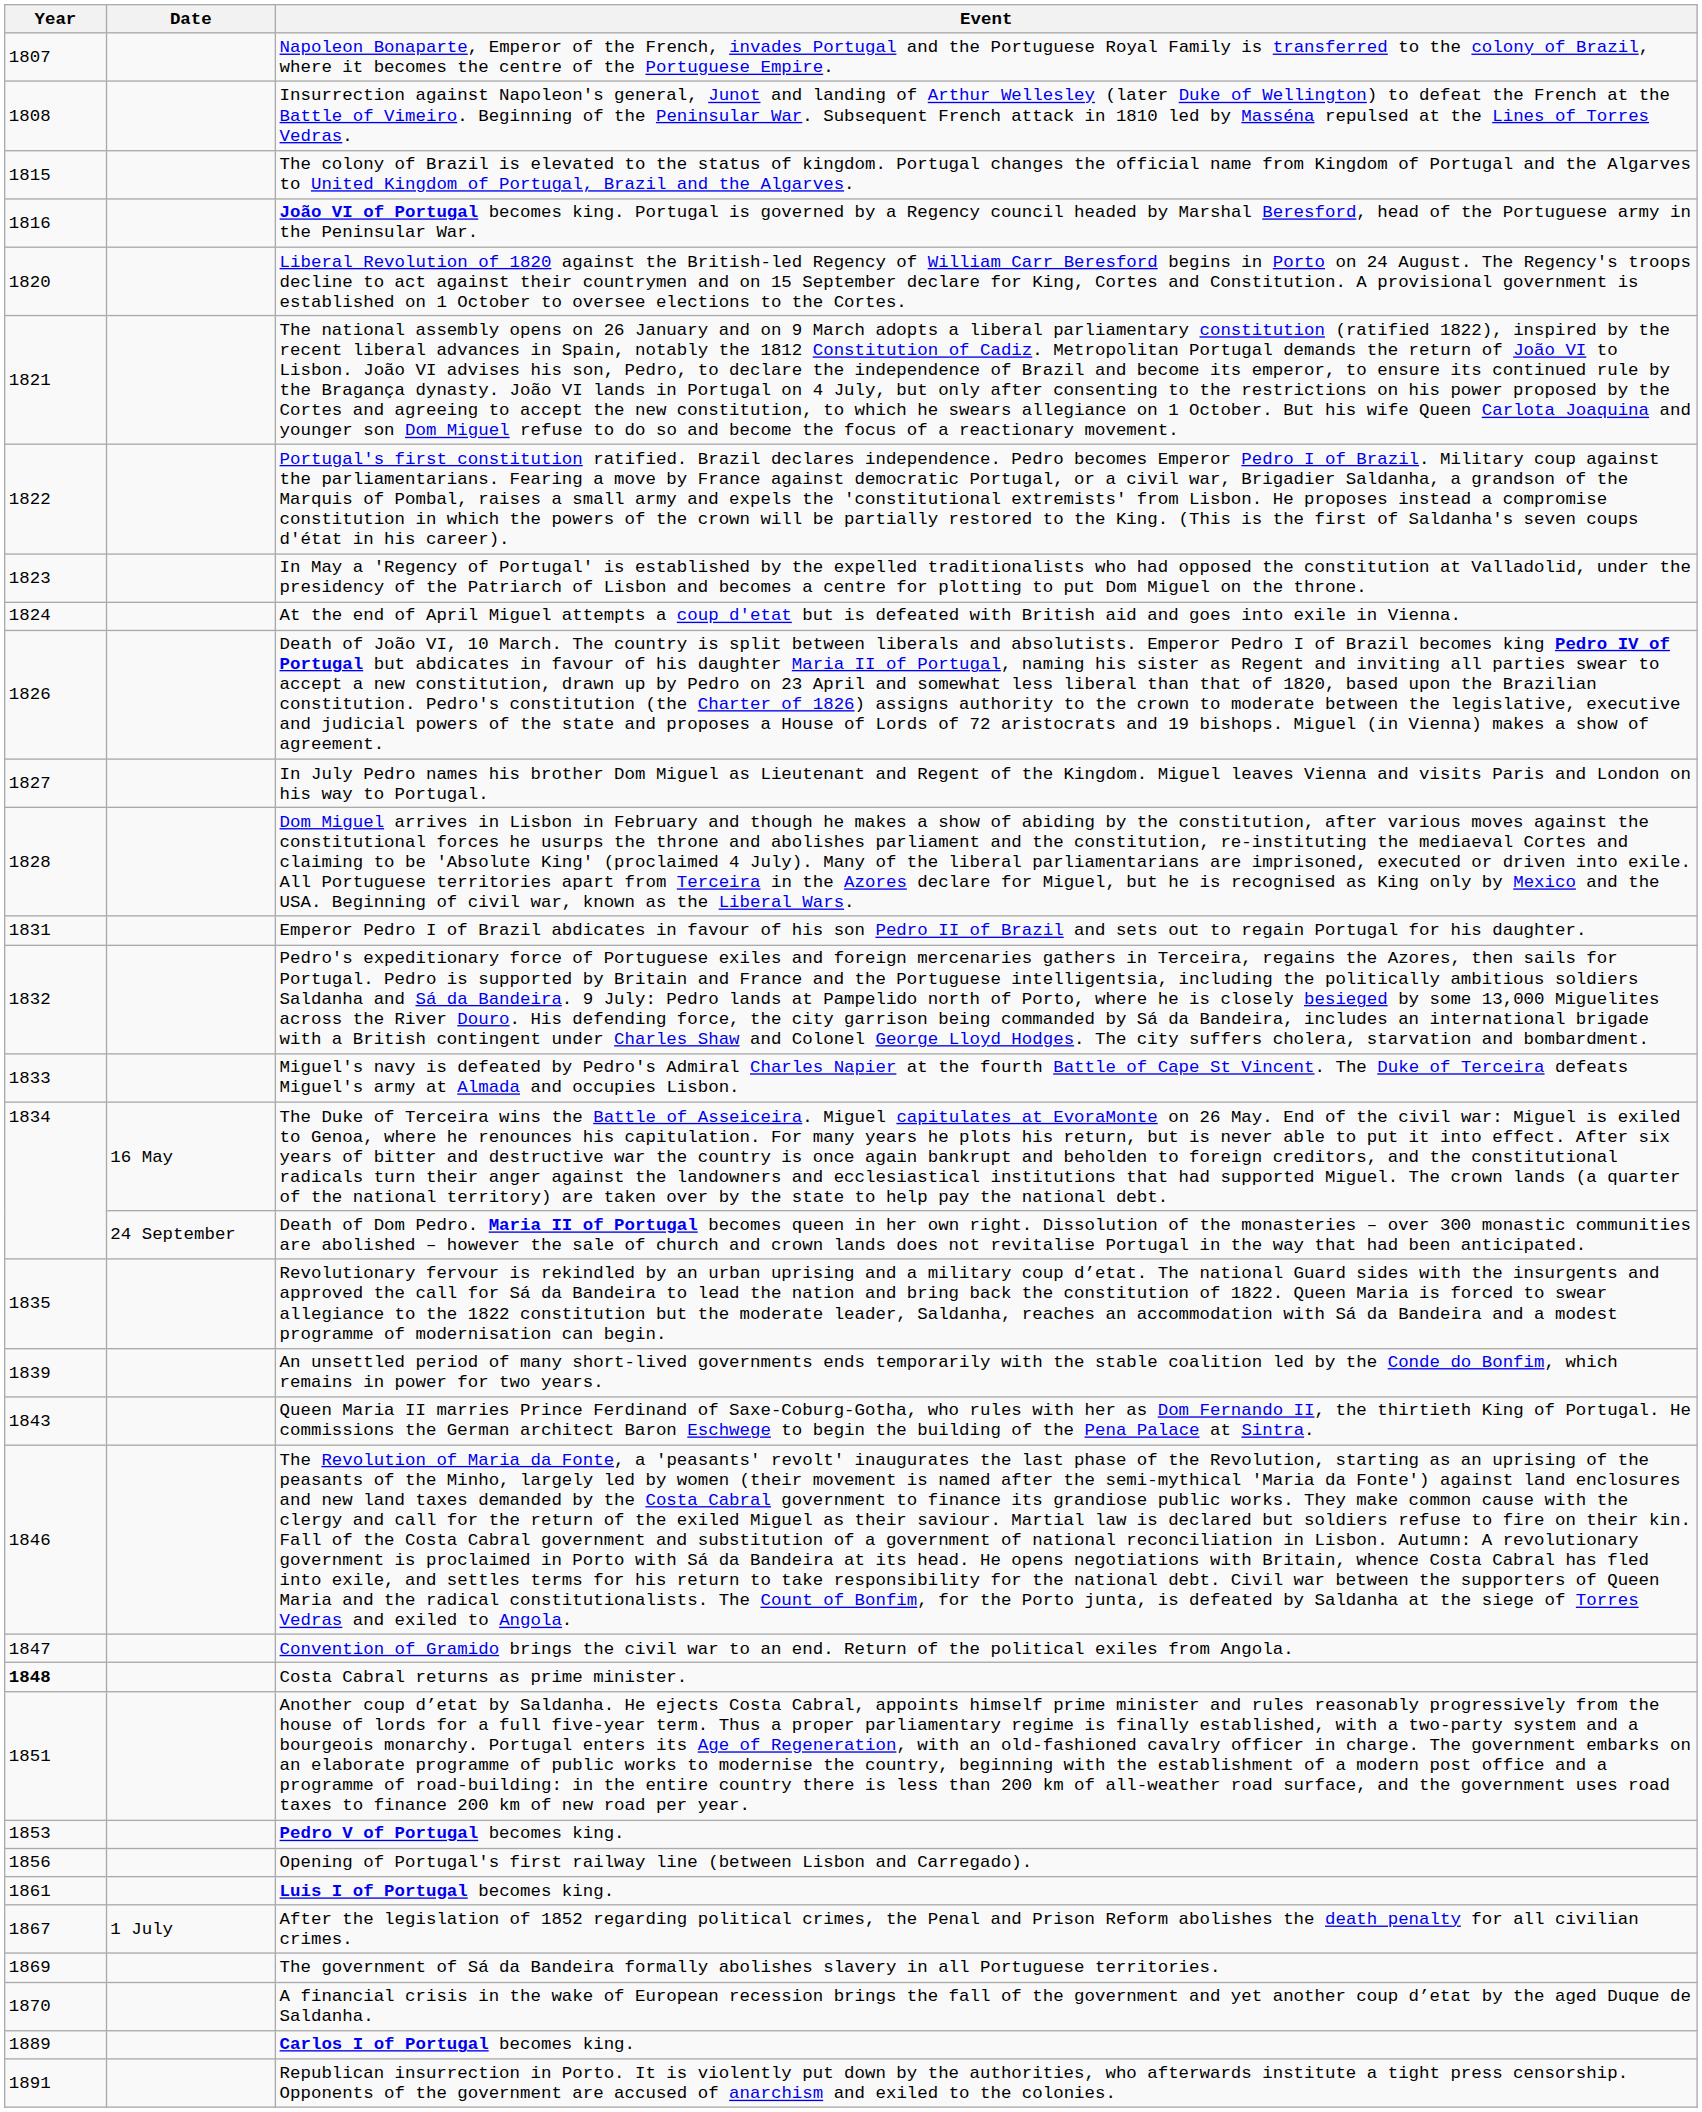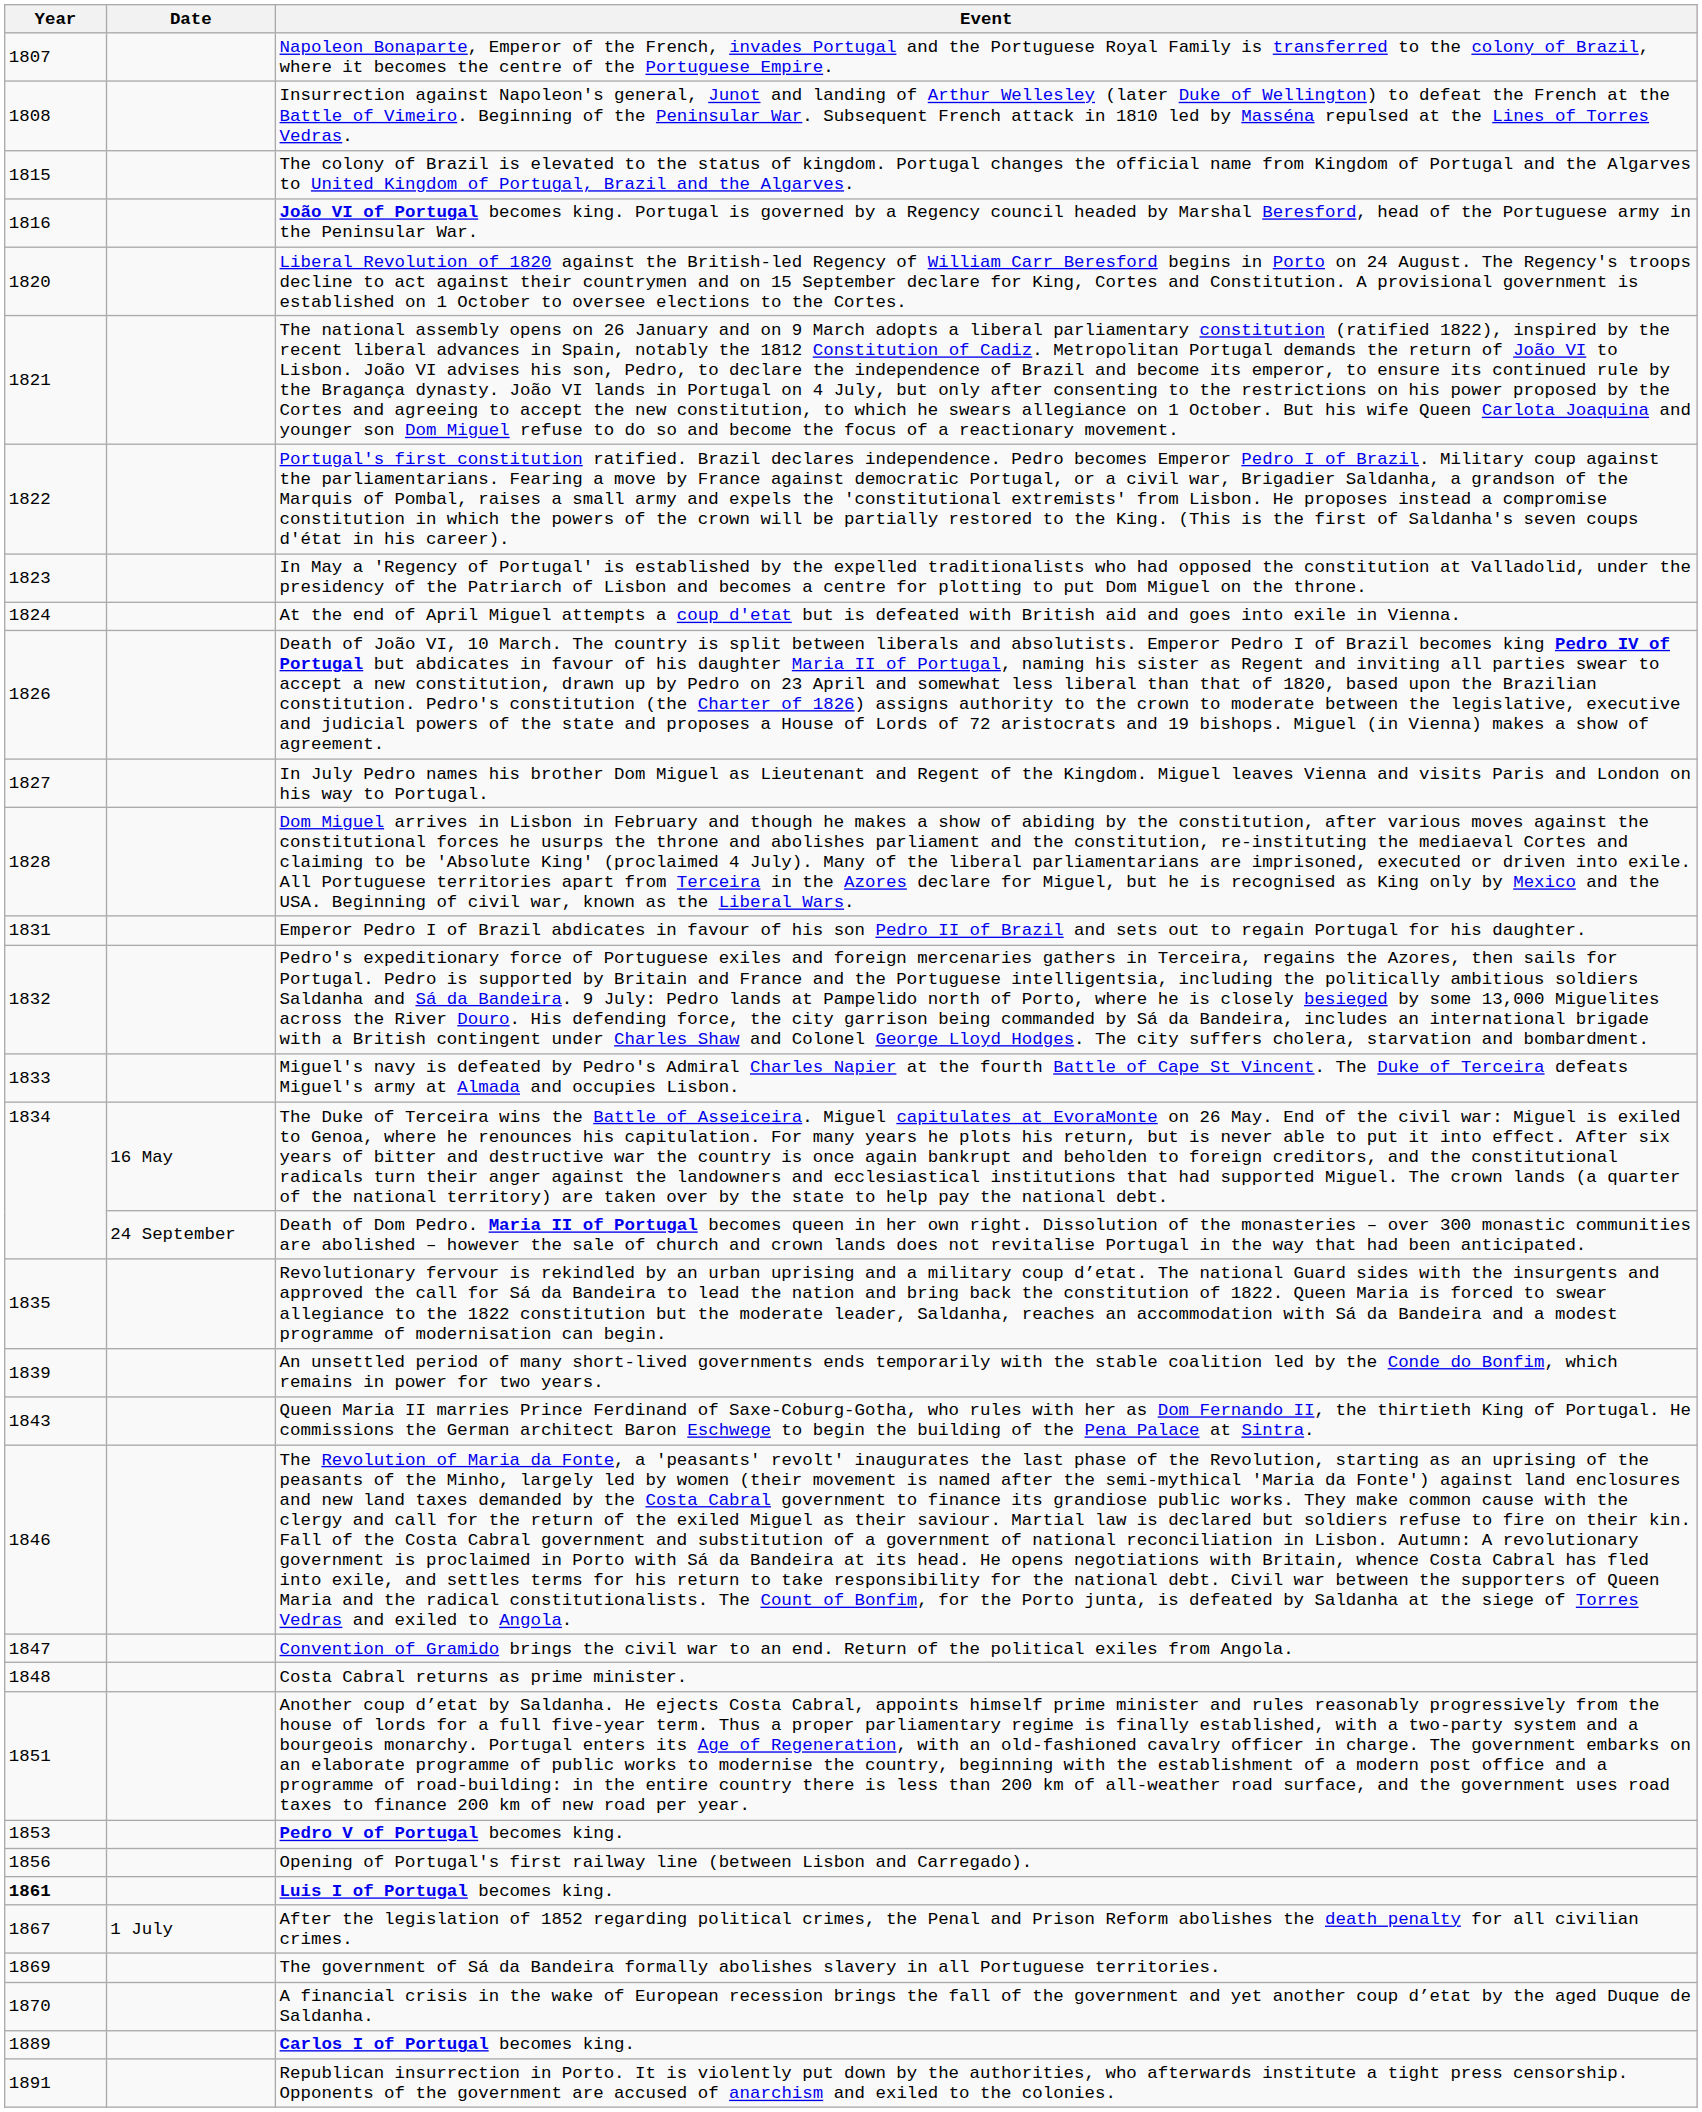 <table class="wikitable" width="100%">
 <tr>
 <th style="width:6%">Year</th>
 <th style="width:10%">Date</th>
 <th>Event</th>
 </tr>
 <tr>
 <td>1807</td>
 <td></td>
 <td><a href='#'>Napoleon Bonaparte</a>, Emperor of the French, <a href='#'>invades Portugal</a> and the Portuguese Royal Family is <a href='#'>transferred</a> to the <a href='#'>colony of Brazil</a>, where it becomes the centre of the <a href='#'>Portuguese Empire</a>.</td>
 </tr>
 <tr>
 <td>1808</td>
 <td></td>
 <td>Insurrection against Napoleon's general, <a href='#'>Junot</a> and landing of <a href='#'>Arthur Wellesley</a> (later <a href='#'>Duke of Wellington</a>) to defeat the French at the <a href='#'>Battle of Vimeiro</a>. Beginning of the <a href='#'>Peninsular War</a>. Subsequent French attack in 1810 led by <a href='#'>Masséna</a> repulsed at the <a href='#'>Lines of Torres Vedras</a>.</td>
 </tr>
 <tr>
 <td>1815</td>
 <td></td>
 <td>The colony of Brazil is elevated to the status of kingdom. Portugal changes the official name from Kingdom of Portugal and the Algarves to <a href='#'>United Kingdom of Portugal, Brazil and the Algarves</a>.</td>
 </tr>
 <tr>
 <td>1816</td>
 <td></td>
 <td><strong><a href='#'>João VI of Portugal</a></strong> becomes king. Portugal is governed by a Regency council headed by Marshal <a href='#'>Beresford</a>, head of the Portuguese army in the Peninsular War.</td>
 </tr>
 <tr>
 <td>1820</td>
 <td></td>
 <td><a href='#'>Liberal Revolution of 1820</a> against the British-led Regency of <a href='#'>William Carr Beresford</a> begins in <a href='#'>Porto</a> on 24 August. The Regency's troops decline to act against their countrymen and on 15 September declare for King, Cortes and Constitution. A provisional government is established on 1 October to oversee elections to the Cortes.</td>
 </tr>
 <tr>
 <td>1821</td>
 <td></td>
 <td>The national assembly opens on 26 January and on 9 March adopts a liberal parliamentary <a href='#'>constitution</a> (ratified 1822), inspired by the recent liberal advances in Spain, notably the 1812 <a href='#'>Constitution of Cadiz</a>. Metropolitan Portugal demands the return of <a href='#'>João VI</a> to Lisbon. João VI advises his son, Pedro, to declare the independence of Brazil and become its emperor, to ensure its continued rule by the Bragança dynasty. João VI lands in Portugal on 4 July, but only after consenting to the restrictions on his power proposed by the Cortes and agreeing to accept the new constitution, to which he swears allegiance on 1 October. But his wife Queen <a href='#'>Carlota Joaquina</a> and younger son <a href='#'>Dom Miguel</a> refuse to do so and become the focus of a reactionary movement.</td>
 </tr>
 <tr>
 <td>1822</td>
 <td></td>
 <td><a href='#'>Portugal's first constitution</a> ratified. Brazil declares independence. Pedro becomes Emperor <a href='#'>Pedro I of Brazil</a>. Military coup against the parliamentarians. Fearing a move by France against democratic Portugal, or a civil war, Brigadier Saldanha, a grandson of the Marquis of Pombal, raises a small army and expels the 'constitutional extremists' from Lisbon. He proposes instead a compromise constitution in which the powers of the crown will be partially restored to the King. (This is the first of Saldanha's seven coups d'état in his career).</td>
 </tr>
 <tr>
 <td>1823</td>
 <td></td>
 <td>In May a 'Regency of Portugal' is established by the expelled traditionalists who had opposed the constitution at Valladolid, under the presidency of the Patriarch of Lisbon and becomes a centre for plotting to put Dom Miguel on the throne.</td>
 </tr>
 <tr>
 <td>1824</td>
 <td></td>
 <td>At the end of April Miguel attempts a <a href='#'>coup d'etat</a> but is defeated with British aid and goes into exile in Vienna.</td>
 </tr>
 <tr>
 <td>1826</td>
 <td></td>
 <td>Death of João VI, 10 March. The country is split between liberals and absolutists. Emperor Pedro I of Brazil becomes king <strong><a href='#'>Pedro IV of Portugal</a></strong> but abdicates in favour of his daughter <a href='#'>Maria II of Portugal</a>, naming his sister as Regent and inviting all parties swear to accept a new constitution, drawn up by Pedro on 23 April and somewhat less liberal than that of 1820, based upon the Brazilian constitution. Pedro's constitution (the <a href='#'>Charter of 1826</a>) assigns authority to the crown to moderate between the legislative, executive and judicial powers of the state and proposes a House of Lords of 72 aristocrats and 19 bishops. Miguel (in Vienna) makes a show of agreement.</td>
 </tr>
 <tr>
 <td>1827</td>
 <td></td>
 <td>In July Pedro names his brother Dom Miguel as Lieutenant and Regent of the Kingdom. Miguel leaves Vienna and visits Paris and London on his way to Portugal.</td>
 </tr>
 <tr>
 <td>1828</td>
 <td></td>
 <td><a href='#'>Dom Miguel</a> arrives in Lisbon in February and though he makes a show of abiding by the constitution, after various moves against the constitutional forces he usurps the throne and abolishes parliament and the constitution, re-instituting the mediaeval Cortes and claiming to be 'Absolute King' (proclaimed 4 July). Many of the liberal parliamentarians are imprisoned, executed or driven into exile. All Portuguese territories apart from <a href='#'>Terceira</a> in the <a href='#'>Azores</a> declare for Miguel, but he is recognised as King only by <a href='#'>Mexico</a> and the USA. Beginning of civil war, known as the <a href='#'>Liberal Wars</a>.</td>
 </tr>
 <tr>
 <td>1831</td>
 <td></td>
 <td>Emperor Pedro I of Brazil abdicates in favour of his son <a href='#'>Pedro II of Brazil</a> and sets out to regain Portugal for his daughter.</td>
 </tr>
 <tr>
 <td>1832</td>
 <td></td>
 <td>Pedro's expeditionary force of Portuguese exiles and foreign mercenaries gathers in Terceira, regains the Azores, then sails for Portugal. Pedro is supported by Britain and France and the Portuguese intelligentsia, including the politically ambitious soldiers Saldanha and <a href='#'>Sá da Bandeira</a>. 9 July: Pedro lands at Pampelido north of Porto, where he is closely <a href='#'>besieged</a> by some 13,000 Miguelites across the River <a href='#'>Douro</a>. His defending force, the city garrison being commanded by Sá da Bandeira, includes an international brigade with a British contingent under <a href='#'>Charles Shaw</a> and Colonel <a href='#'>George Lloyd Hodges</a>. The city suffers cholera, starvation and bombardment.</td>
 </tr>
 <tr>
 <td>1833</td>
 <td></td>
 <td>Miguel's navy is defeated by Pedro's Admiral <a href='#'>Charles Napier</a> at the fourth <a href='#'>Battle of Cape St Vincent</a>. The <a href='#'>Duke of Terceira</a> defeats Miguel's army at <a href='#'>Almada</a> and occupies Lisbon.</td>
 </tr>
 <tr>
 <td rowspan="2" valign="top">1834</td>
 <td>16 May</td>
 <td>The Duke of Terceira wins the <a href='#'>Battle of Asseiceira</a>. Miguel <a href='#'>capitulates at EvoraMonte</a> on 26 May. End of the civil war: Miguel is exiled to Genoa, where he renounces his capitulation. For many years he plots his return, but is never able to put it into effect. After six years of bitter and destructive war the country is once again bankrupt and beholden to foreign creditors, and the constitutional radicals turn their anger against the landowners and ecclesiastical institutions that had supported Miguel. The crown lands (a quarter of the national territory) are taken over by the state to help pay the national debt.</td>
 </tr>
 <tr>
 <td>24 September</td>
 <td>Death of Dom Pedro. <strong><a href='#'>Maria II of Portugal</a></strong> becomes queen in her own right. Dissolution of the monasteries – over 300 monastic communities are abolished – however the sale of church and crown lands does not revitalise Portugal in the way that had been anticipated.</td>
 </tr>
 <tr>
 <td>1835</td>
 <td></td>
 <td>Revolutionary fervour is rekindled by an urban uprising and a military coup d’etat. The national Guard sides with the insurgents and approved the call for Sá da Bandeira to lead the nation and bring back the constitution of 1822. Queen Maria is forced to swear allegiance to the 1822 constitution but the moderate leader, Saldanha, reaches an accommodation with Sá da Bandeira and a modest programme of modernisation can begin.</td>
 </tr>
 <tr>
 <td>1839</td>
 <td></td>
 <td>An unsettled period of many short-lived governments ends temporarily with the stable coalition led by the <a href='#'>Conde do Bonfim</a>, which remains in power for two years.</td>
 </tr>
 <tr>
 <td>1843</td>
 <td></td>
 <td>Queen Maria II marries Prince Ferdinand of Saxe-Coburg-Gotha, who rules with her as <a href='#'>Dom Fernando II</a>, the thirtieth King of Portugal. He commissions the German architect Baron <a href='#'>Eschwege</a> to begin the building of the <a href='#'>Pena Palace</a> at <a href='#'>Sintra</a>.</td>
 </tr>
 <tr>
 <td>1846</td>
 <td></td>
 <td>The <a href='#'>Revolution of Maria da Fonte</a>, a 'peasants' revolt' inaugurates the last phase of the Revolution, starting as an uprising of the peasants of the Minho, largely led by women (their movement is named after the semi-mythical 'Maria da Fonte') against land enclosures and new land taxes demanded by the <a href='#'>Costa Cabral</a> government to finance its grandiose public works. They make common cause with the clergy and call for the return of the exiled Miguel as their saviour. Martial law is declared but soldiers refuse to fire on their kin. Fall of the Costa Cabral government and substitution of a government of national reconciliation in Lisbon. Autumn: A revolutionary government is proclaimed in Porto with Sá da Bandeira at its head. He opens negotiations with Britain, whence Costa Cabral has fled into exile, and settles terms for his return to take responsibility for the national debt. Civil war between the supporters of Queen Maria and the radical constitutionalists. The <a href='#'>Count of Bonfim</a>, for the Porto junta, is defeated by Saldanha at the siege of <a href='#'>Torres Vedras</a> and exiled to <a href='#'>Angola</a>.</td>
 </tr>
 <tr>
 <td>1847</td>
 <td></td>
 <td><a href='#'>Convention of Gramido</a> brings the civil war to an end. Return of the political exiles from Angola.</td>
 </tr>
 <tr>
-<td><strong>1848</strong></td>
+<td>1848</td>
 <td></td>
 <td>Costa Cabral returns as prime minister.</td>
 </tr>
 <tr>
 <td>1851</td>
 <td></td>
 <td>Another coup d’etat by Saldanha. He ejects Costa Cabral, appoints himself prime minister and rules reasonably progressively from the house of lords for a full five-year term. Thus a proper parliamentary regime is finally established, with a two-party system and a bourgeois monarchy. Portugal enters its <a href='#'>Age of Regeneration</a>, with an old-fashioned cavalry officer in charge. The government embarks on an elaborate programme of public works to modernise the country, beginning with the establishment of a modern post office and a programme of road-building: in the entire country there is less than 200 km of all-weather road surface, and the government uses road taxes to finance 200 km of new road per year.</td>
 </tr>
 <tr>
 <td>1853</td>
 <td></td>
 <td><strong><a href='#'>Pedro V of Portugal</a></strong> becomes king.</td>
 </tr>
 <tr>
 <td>1856</td>
 <td></td>
 <td>Opening of Portugal's first railway line (between Lisbon and Carregado).</td>
 </tr>
 <tr>
-<td>1861</td>
+<td><strong>1861</strong></td>
 <td></td>
 <td><strong><a href='#'>Luis I of Portugal</a></strong> becomes king.</td>
 </tr>
 <tr>
 <td>1867</td>
 <td>1 July</td>
 <td>After the legislation of 1852 regarding political crimes, the Penal and Prison Reform abolishes the <a href='#'>death penalty</a> for all civilian crimes.</td>
 </tr>
 <tr>
 <td>1869</td>
 <td></td>
 <td>The government of Sá da Bandeira formally abolishes slavery in all Portuguese territories.</td>
 </tr>
 <tr>
 <td>1870</td>
 <td></td>
 <td>A financial crisis in the wake of European recession brings the fall of the government and yet another coup d’etat by the aged Duque de Saldanha.</td>
 </tr>
 <tr>
 <td>1889</td>
 <td></td>
 <td><strong><a href='#'>Carlos I of Portugal</a></strong> becomes king.</td>
 </tr>
 <tr>
 <td>1891</td>
 <td></td>
 <td>Republican insurrection in Porto. It is violently put down by the authorities, who afterwards institute a tight press censorship. Opponents of the government are accused of <a href='#'>anarchism</a> and exiled to the colonies.</td>
 </tr>
 </table>
